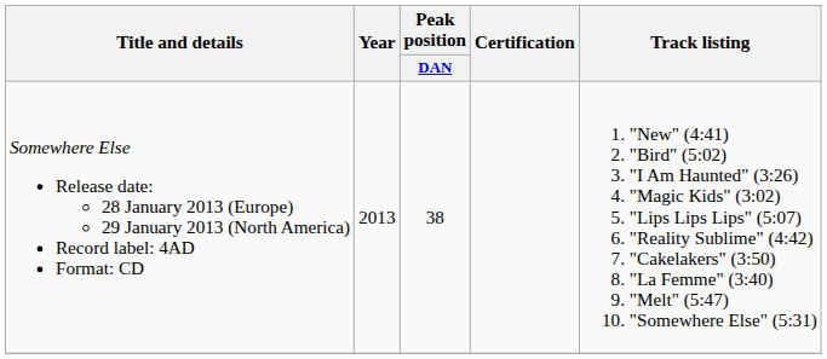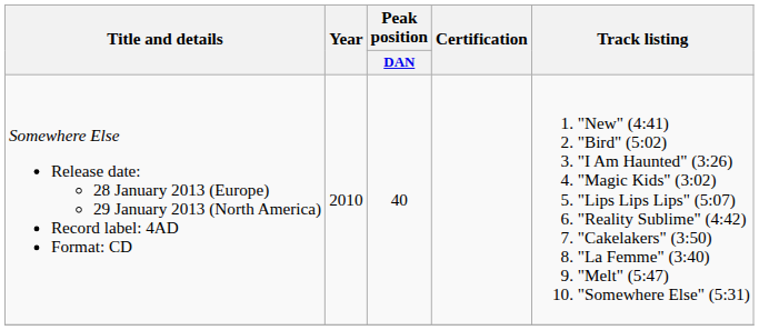 <table class="wikitable">
 <tr>
 <th rowspan="2">Title and details</th>
 <th rowspan="2">Year</th>
 <th colspan="1">Peak <br>position</th>
 <th rowspan="2">Certification</th>
 <th rowspan="2">Track listing</th>
 </tr>
 <tr>
 <th scope="col" style="width:3em;font-size:85%;"><a href='#'>DAN</a><br></th>
 </tr>
 <tr>
 <td><em>Somewhere Else</em><br><ul><li>Release date:<ul><li>28 January 2013 (Europe)</li><li>29 January 2013 (North America)</li></ul></li><li>Record label: 4AD</li><li>Format: CD</li></ul></td>
-<td align="center">2013</td>
-<td align="center">38</td>
+<td align="center">2010</td>
+<td align="center">40</td>
 <td></td>
 <td><br><ol><li>"New" (4:41)</li><li>"Bird" (5:02)</li><li>"I Am Haunted" (3:26)</li><li>"Magic Kids" (3:02)</li><li>"Lips Lips Lips" (5:07)</li><li>"Reality Sublime" (4:42)</li><li>"Cakelakers" (3:50)</li><li>"La Femme" (3:40)</li><li>"Melt" (5:47)</li><li>"Somewhere Else" (5:31)</li></ol></td>
 </tr>
 <tr>
 </tr>
 </table>
